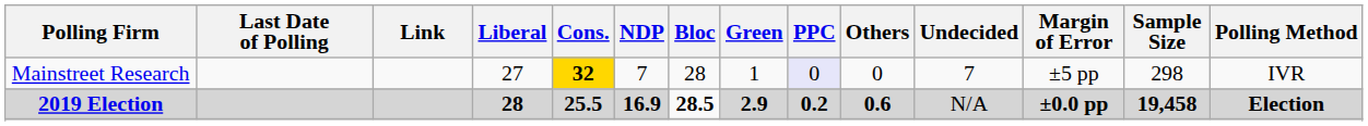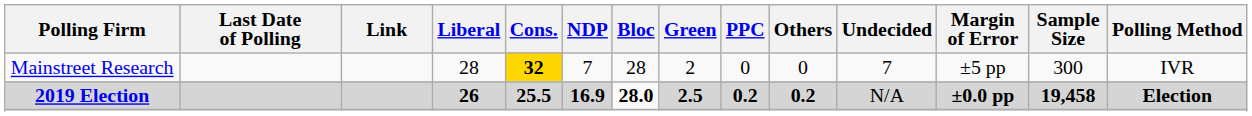 <table class="wikitable sortable" style="text-align:center;font-size:90%;line-height:14px;">
 <tr style="background:#e9e9e9;">
 <th style="width:120px">Polling Firm</th>
 <th style="width:110px">Last Date<br>of Polling</th>
 <th style="width:60px" class="unsortable">Link</th>
 <th style="background-color:"><a href='#'>Liberal</a></th>
 <th style="background-color:"><a href='#'>Cons.</a></th>
 <th style="background-color:"><a href='#'>NDP</a></th>
 <th style="background-color:"><a href='#'>Bloc</a></th>
 <th style="background-color:"><a href='#'>Green</a></th>
 <th style="background-color:"><a href='#'><span>PPC</span></a></th>
 <th style="background-color:">Others</th>
 <th style="background-color:">Undecided</th>
 <th style="width:60px;" class=unsortable>Margin<br>of Error</th>
 <th style="width:50px;" class=unsortable>Sample<br>Size</th>
 <th class=unsortable>Polling Method</th>
 </tr>
 <tr>
 <td><a href='#'>Mainstreet Research</a></td>
 <td></td>
 <td></td>
-<td>27</td>
+<td>28</td>
 <td style="background: gold;"><strong>32</strong></td>
 <td>7</td>
 <td>28</td>
-<td>1</td>
-<td style="background: lavender;">0</td>
+<td>2</td>
+<td>0</td>
 <td>0</td>
 <td>7</td>
 <td>±5 pp</td>
-<td>298</td>
+<td>300</td>
 <td>IVR</td>
 </tr>
 <tr>
 <td style="background:#D5D5D5"><strong><a href='#'>2019 Election</a></strong></td>
 <td style="background:#D5D5D5"><strong></strong></td>
 <td style="background:#D5D5D5"></td>
-<td style="background:#D5D5D5"><strong>28</strong></td>
+<td style="background:#D5D5D5"><strong>26</strong></td>
 <td style="background:#D5D5D5"><strong>25.5</strong></td>
 <td style="background:#D5D5D5"><strong>16.9</strong></td>
-<td style="background-color:"><strong>28.5</strong></td>
-<td style="background:#D5D5D5"><strong>2.9</strong></td>
+<td style="background-color:"><strong>28.0</strong></td>
+<td style="background:#D5D5D5"><strong>2.5</strong></td>
 <td style="background:#D5D5D5"><strong>0.2</strong></td>
-<td style="background:#D5D5D5"><strong>0.6</strong></td>
+<td style="background:#D5D5D5"><strong>0.2</strong></td>
 <td style="background:#D5D5D5">N/A</td>
 <td style="background:#D5D5D5"><strong>±0.0 pp</strong></td>
 <td style="background:#D5D5D5"><strong>19,458</strong></td>
 <td style="background:#D5D5D5"><strong>Election</strong></td>
 </tr>
 <tr>
 </tr>
 <tr>
 </tr>
 </table>
